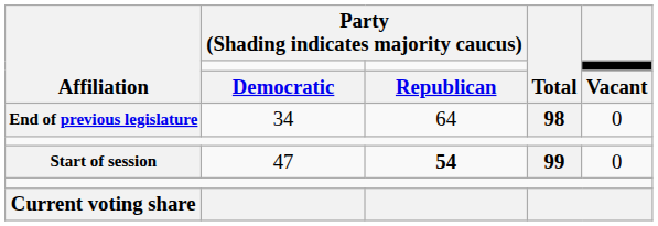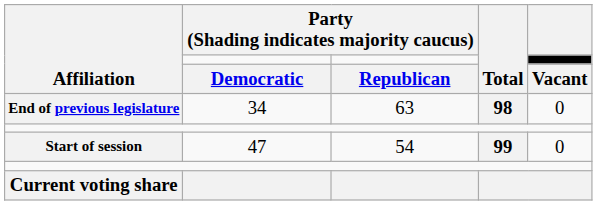 <table class=wikitable style="text-align:center">
 <tr style="vertical-align:bottom;">
 <th rowspan=3>Affiliation</th>
 <th colspan=2>Party <div>(Shading indicates majority caucus)</div></th>
 <th rowspan=3>Total</th>
 <th></th>
 </tr>
 <tr style="height:5px">
 <td style="background-color:"></td>
 <td style="background-color:"></td>
 <td style="background-color:black"></td>
 </tr>
 <tr>
 <th><a href='#'>Democratic</a></th>
 <th><a href='#'>Republican</a></th>
 <th>Vacant</th>
 </tr>
 <tr>
 <th nowrap style="font-size:80%">End of <a href='#'>previous legislature</a></th>
 <td>34</td>
-<td>64</td>
+<td>63</td>
 <th>98</th>
 <td>0</td>
 </tr>
 <tr>
 <td colspan=5></td>
 </tr>
 <tr>
 <th nowrap style="font-size:80%">Start of session</th>
 <td>47</td>
-<td><strong>54</strong></td>
+<td>54</td>
 <th>99</th>
 <td>0</td>
 </tr>
 <tr>
 <td colspan=5></td>
 </tr>
 <tr>
 <th>Current voting share</th>
 <th></th>
 <th></th>
 <th colspan=2></th>
 </tr>
 </table>
